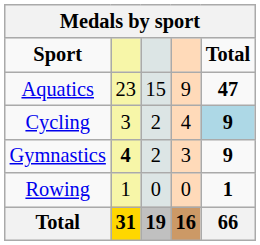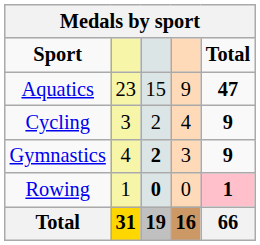 <table class="wikitable" style="font-size:85%; text-align:center;">
 <tr style="background:#efefef;">
 <th colspan=5><strong>Medals by sport</strong></th>
 </tr>
 <tr>
 <td><strong>Sport</strong></td>
 <td style="background:#f7f6a8;"></td>
 <td style="background:#dce5e5;"></td>
 <td style="background:#ffdab9;"></td>
 <td><strong>Total</strong></td>
 </tr>
 <tr>
 <td><a href='#'>Aquatics</a></td>
 <td style="background:#F7F6A8;">23</td>
 <td style="background:#DCE5E5;">15</td>
 <td style="background:#FFDAB9;">9</td>
 <td><strong>47</strong></td>
 </tr>
 <tr>
 <td><a href='#'>Cycling</a></td>
 <td style="background:#F7F6A8;">3</td>
 <td style="background:#DCE5E5;">2</td>
 <td style="background:#FFDAB9;">4</td>
-<td style="background: lightblue;"><strong>9</strong></td>
+<td><strong>9</strong></td>
 </tr>
 <tr>
 <td><a href='#'>Gymnastics</a></td>
-<td style="background:#F7F6A8;"><strong>4</strong></td>
-<td style="background:#DCE5E5;">2</td>
+<td style="background:#F7F6A8;">4</td>
+<td style="background:#DCE5E5;"><strong>2</strong></td>
 <td style="background:#FFDAB9;">3</td>
 <td><strong>9</strong></td>
 </tr>
 <tr>
 <td><a href='#'>Rowing</a></td>
 <td style="background:#F7F6A8;">1</td>
-<td style="background:#DCE5E5;">0</td>
+<td style="background:#DCE5E5;"><strong>0</strong></td>
 <td style="background:#FFDAB9;">0</td>
-<td><strong>1</strong></td>
+<td style="background: pink;"><strong>1</strong></td>
 </tr>
 <tr>
 <th>Total</th>
 <th style="background:gold;">31</th>
 <th style="background:silver;">19</th>
 <th style="background:#c96;">16</th>
 <th>66</th>
 </tr>
 </table>
